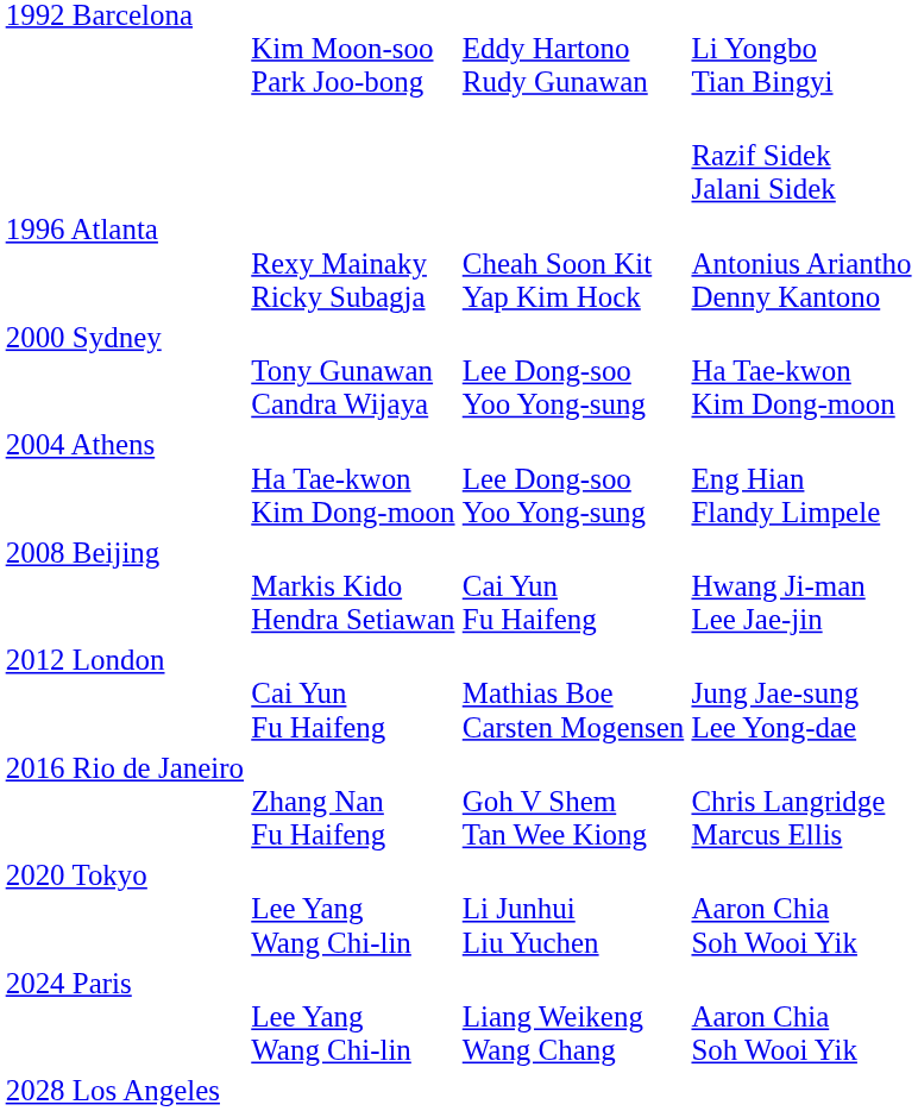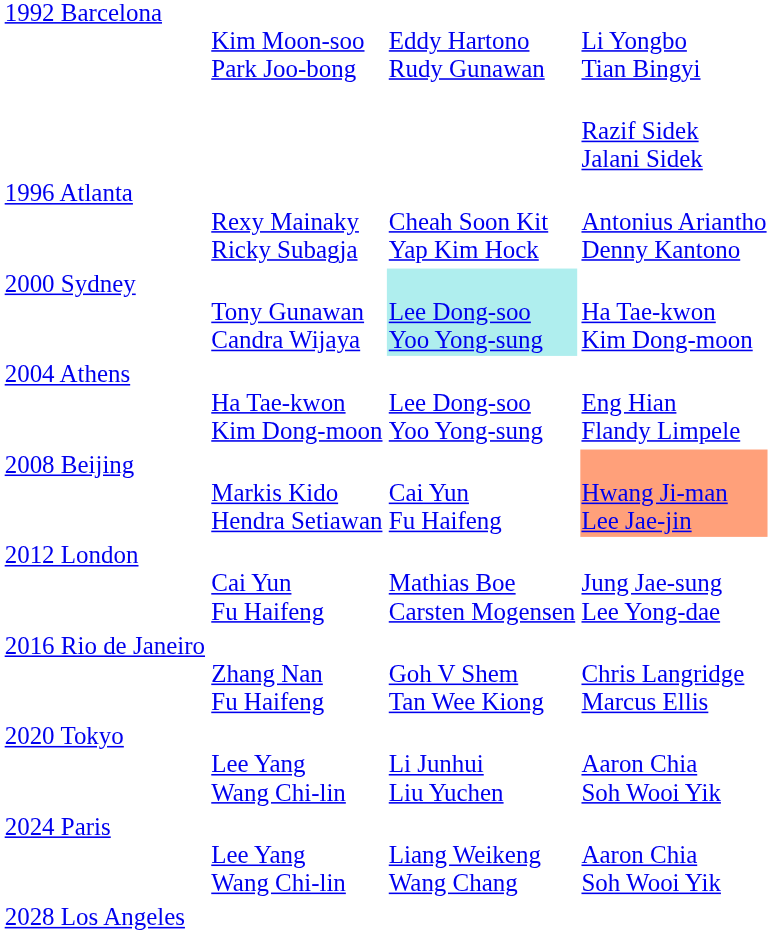 <table>
 <tr valign="top">
 <td rowspan=2><a href='#'>1992 Barcelona</a><br></td>
 <td rowspan=2><br><a href='#'>Kim Moon-soo</a><br><a href='#'>Park Joo-bong</a></td>
 <td rowspan=2><br><a href='#'>Eddy Hartono</a><br><a href='#'>Rudy Gunawan</a></td>
 <td><br><a href='#'>Li Yongbo</a><br><a href='#'>Tian Bingyi</a></td>
 </tr>
 <tr>
 <td><br><a href='#'>Razif Sidek</a><br><a href='#'>Jalani Sidek</a></td>
 </tr>
 <tr valign="top">
 <td><a href='#'>1996 Atlanta</a><br></td>
 <td><br><a href='#'>Rexy Mainaky</a><br><a href='#'>Ricky Subagja</a></td>
 <td><br><a href='#'>Cheah Soon Kit</a><br><a href='#'>Yap Kim Hock</a></td>
 <td><br><a href='#'>Antonius Ariantho</a><br><a href='#'>Denny Kantono</a></td>
 </tr>
 <tr valign="top">
 <td><a href='#'>2000 Sydney</a><br></td>
 <td><br><a href='#'>Tony Gunawan</a><br><a href='#'>Candra Wijaya</a></td>
-<td><br><a href='#'>Lee Dong-soo</a><br><a href='#'>Yoo Yong-sung</a></td>
+<td style="background: paleturquoise;"><br><a href='#'>Lee Dong-soo</a><br><a href='#'>Yoo Yong-sung</a></td>
 <td><br><a href='#'>Ha Tae-kwon</a><br><a href='#'>Kim Dong-moon</a></td>
 </tr>
 <tr valign="top">
 <td><a href='#'>2004 Athens</a><br></td>
 <td><br><a href='#'>Ha Tae-kwon</a><br><a href='#'>Kim Dong-moon</a></td>
 <td><br><a href='#'>Lee Dong-soo</a><br><a href='#'>Yoo Yong-sung</a></td>
 <td><br><a href='#'>Eng Hian</a><br><a href='#'>Flandy Limpele</a></td>
 </tr>
 <tr valign="top">
 <td><a href='#'>2008 Beijing</a><br></td>
 <td><br><a href='#'>Markis Kido</a><br><a href='#'>Hendra Setiawan</a></td>
 <td><br><a href='#'>Cai Yun</a><br><a href='#'>Fu Haifeng</a></td>
-<td><br><a href='#'>Hwang Ji-man</a><br><a href='#'>Lee Jae-jin</a></td>
+<td style="background: lightsalmon;"><br><a href='#'>Hwang Ji-man</a><br><a href='#'>Lee Jae-jin</a></td>
 </tr>
 <tr valign="top">
 <td><a href='#'>2012 London</a><br></td>
 <td><br><a href='#'>Cai Yun</a><br><a href='#'>Fu Haifeng</a></td>
 <td><br><a href='#'>Mathias Boe</a><br><a href='#'>Carsten Mogensen</a></td>
 <td><br><a href='#'>Jung Jae-sung</a><br><a href='#'>Lee Yong-dae</a></td>
 </tr>
 <tr valign="top">
 <td><a href='#'>2016 Rio de Janeiro</a><br></td>
 <td><br><a href='#'>Zhang Nan</a><br><a href='#'>Fu Haifeng</a></td>
 <td><br><a href='#'>Goh V Shem</a><br><a href='#'>Tan Wee Kiong</a></td>
 <td><br><a href='#'>Chris Langridge</a><br><a href='#'>Marcus Ellis</a></td>
 </tr>
 <tr valign="top">
 <td><a href='#'>2020 Tokyo</a><br></td>
 <td><br><a href='#'>Lee Yang</a><br><a href='#'>Wang Chi-lin</a></td>
 <td><br><a href='#'>Li Junhui</a><br><a href='#'>Liu Yuchen</a></td>
 <td><br><a href='#'>Aaron Chia</a><br><a href='#'>Soh Wooi Yik</a></td>
 </tr>
 <tr valign="top">
 <td><a href='#'>2024 Paris</a><br></td>
 <td><br><a href='#'>Lee Yang</a><br><a href='#'>Wang Chi-lin</a></td>
 <td><br><a href='#'>Liang Weikeng</a><br><a href='#'>Wang Chang</a></td>
 <td><br><a href='#'>Aaron Chia</a><br><a href='#'>Soh Wooi Yik</a></td>
 </tr>
 <tr>
 <td><a href='#'>2028 Los Angeles</a> <br></td>
 <td></td>
 <td></td>
 <td></td>
 </tr>
 </table>
